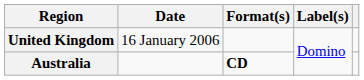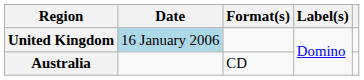 <table class="wikitable plainrowheaders">
 <tr>
 <th scope="col">Region</th>
 <th scope="col">Date</th>
 <th scope="col">Format(s)</th>
 <th scope="col">Label(s)</th>
 <th scope="col"></th>
 </tr>
 <tr>
 <th scope="row">United Kingdom</th>
-<td>16 January 2006</td>
+<td style="background: lightblue;">16 January 2006</td>
 <td></td>
 <td rowspan="2"><a href='#'>Domino</a></td>
 <td></td>
 </tr>
 <tr>
 <th scope="row">Australia</th>
 <td></td>
-<td><strong>CD</strong></td>
+<td>CD</td>
 <td></td>
 </tr>
 </table>
